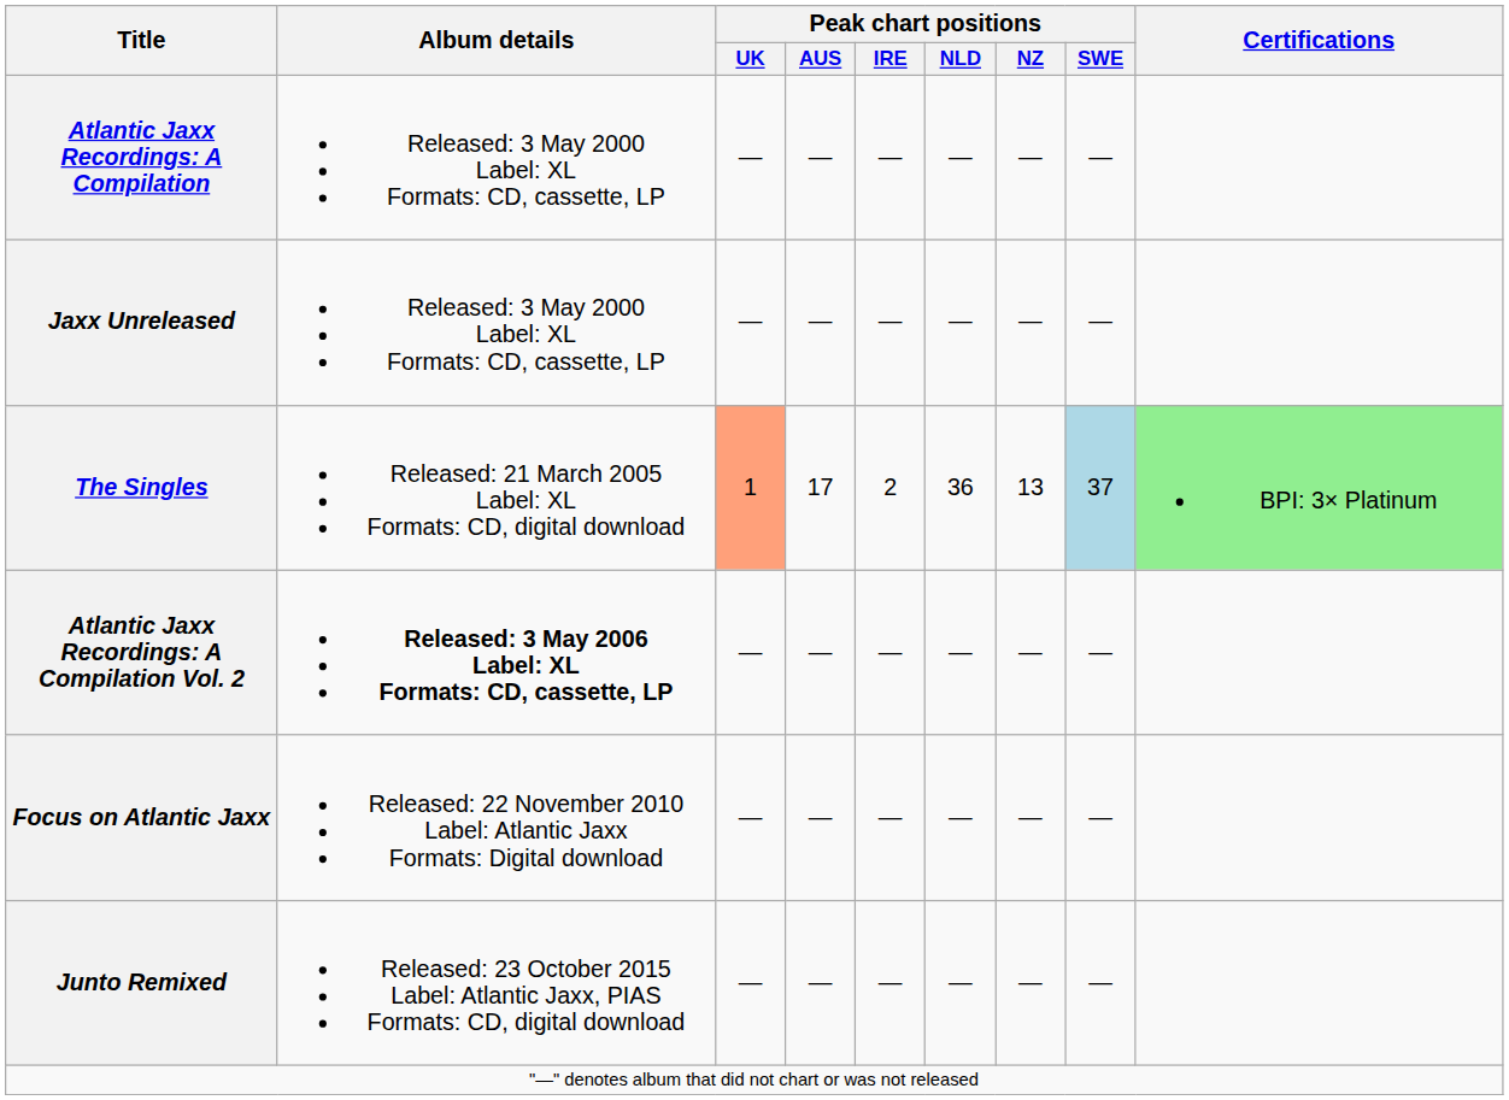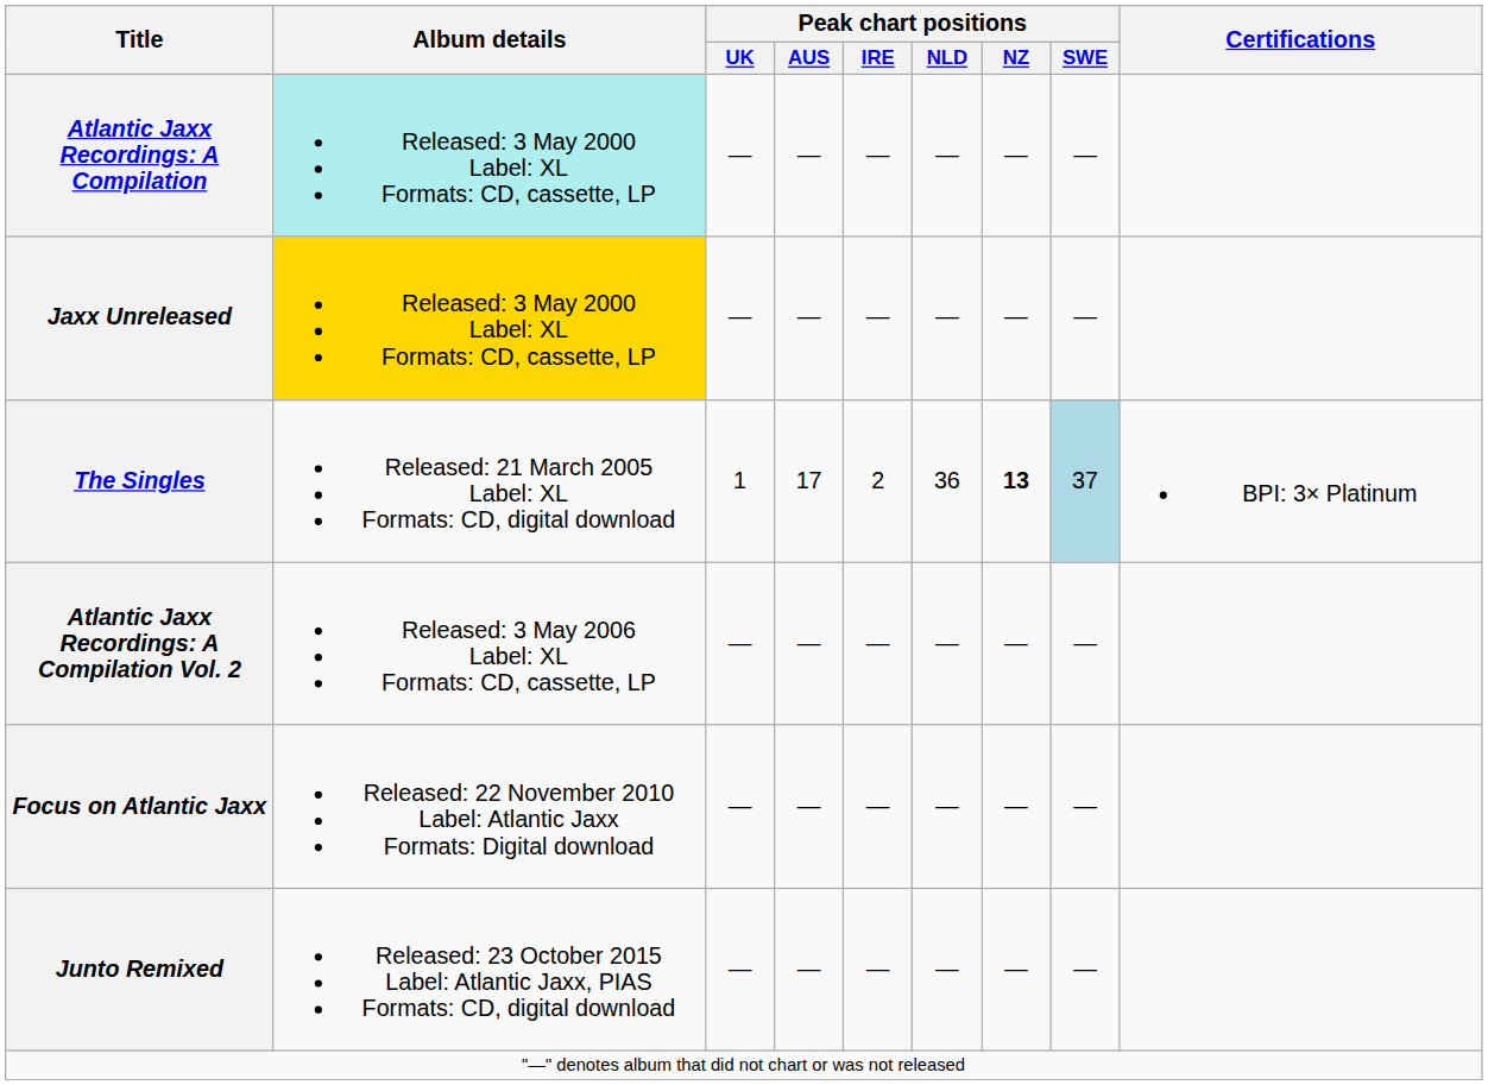 <table class="wikitable plainrowheaders" style="text-align:center;" border="1">
 <tr>
 <th scope="col" rowspan="2" style="width:11em;">Title</th>
 <th scope="col" rowspan="2" style="width:18em;">Album details</th>
 <th scope="col" colspan="6">Peak chart positions</th>
 <th scope="col" rowspan="2" style="width:15em;"><a href='#'>Certifications</a></th>
 </tr>
 <tr>
 <th scope="col" style="width:3em;font-size:85%;"><a href='#'>UK</a><br></th>
 <th scope="col" style="width:3em;font-size:85%;"><a href='#'>AUS</a><br></th>
 <th scope="col" style="width:3em;font-size:85%;"><a href='#'>IRE</a><br></th>
 <th scope="col" style="width:3em;font-size:85%;"><a href='#'>NLD</a><br></th>
 <th scope="col" style="width:3em;font-size:85%;"><a href='#'>NZ</a><br></th>
 <th scope="col" style="width:3em;font-size:85%;"><a href='#'>SWE</a><br></th>
 </tr>
 <tr>
 <th scope="row"><em><a href='#'>Atlantic Jaxx Recordings: A Compilation</a></em></th>
-<td><br><ul><li>Released: 3 May 2000</li><li>Label: XL</li><li>Formats: CD, cassette, LP</li></ul></td>
+<td style="background: paleturquoise;"><br><ul><li>Released: 3 May 2000</li><li>Label: XL</li><li>Formats: CD, cassette, LP</li></ul></td>
 <td>—</td>
 <td>—</td>
 <td>—</td>
 <td>—</td>
 <td>—</td>
 <td>—</td>
 <td></td>
 </tr>
 <tr>
 <th scope="row"><em>Jaxx Unreleased</em></th>
-<td><br><ul><li>Released: 3 May 2000</li><li>Label: XL</li><li>Formats: CD, cassette, LP</li></ul></td>
+<td style="background: gold;"><br><ul><li>Released: 3 May 2000</li><li>Label: XL</li><li>Formats: CD, cassette, LP</li></ul></td>
 <td>—</td>
 <td>—</td>
 <td>—</td>
 <td>—</td>
 <td>—</td>
 <td>—</td>
 <td></td>
 </tr>
 <tr>
 <th scope="row"><em><a href='#'>The Singles</a></em></th>
 <td><br><ul><li>Released: 21 March 2005</li><li>Label: XL</li><li>Formats: CD, digital download</li></ul></td>
-<td style="background: lightsalmon;">1</td>
+<td>1</td>
 <td>17</td>
 <td>2</td>
 <td>36</td>
-<td>13</td>
+<td><strong>13</strong></td>
 <td style="background: lightblue;">37</td>
-<td style="background: lightgreen;"><br><ul><li>BPI: 3× Platinum</li></ul></td>
+<td><br><ul><li>BPI: 3× Platinum</li></ul></td>
 </tr>
 <tr>
 <th scope="row"><em>Atlantic Jaxx Recordings: A Compilation Vol. 2</em></th>
-<td><strong><br><ul><li>Released: 3 May 2006</li><li>Label: XL</li><li>Formats: CD, cassette, LP</li></ul></strong></td>
+<td><br><ul><li>Released: 3 May 2006</li><li>Label: XL</li><li>Formats: CD, cassette, LP</li></ul></td>
 <td>—</td>
 <td>—</td>
 <td>—</td>
 <td>—</td>
 <td>—</td>
 <td>—</td>
 <td></td>
 </tr>
 <tr>
 <th scope="row"><em>Focus on Atlantic Jaxx</em></th>
 <td><br><ul><li>Released: 22 November 2010</li><li>Label: Atlantic Jaxx</li><li>Formats: Digital download</li></ul></td>
 <td>—</td>
 <td>—</td>
 <td>—</td>
 <td>—</td>
 <td>—</td>
 <td>—</td>
 <td></td>
 </tr>
 <tr>
 <th scope="row"><em>Junto Remixed</em></th>
 <td><br><ul><li>Released: 23 October 2015</li><li>Label: Atlantic Jaxx, PIAS</li><li>Formats: CD, digital download</li></ul></td>
 <td>—</td>
 <td>—</td>
 <td>—</td>
 <td>—</td>
 <td>—</td>
 <td>—</td>
 <td></td>
 </tr>
 <tr>
 <td colspan="14" style="font-size:9pt">"—" denotes album that did not chart or was not released</td>
 </tr>
 </table>
